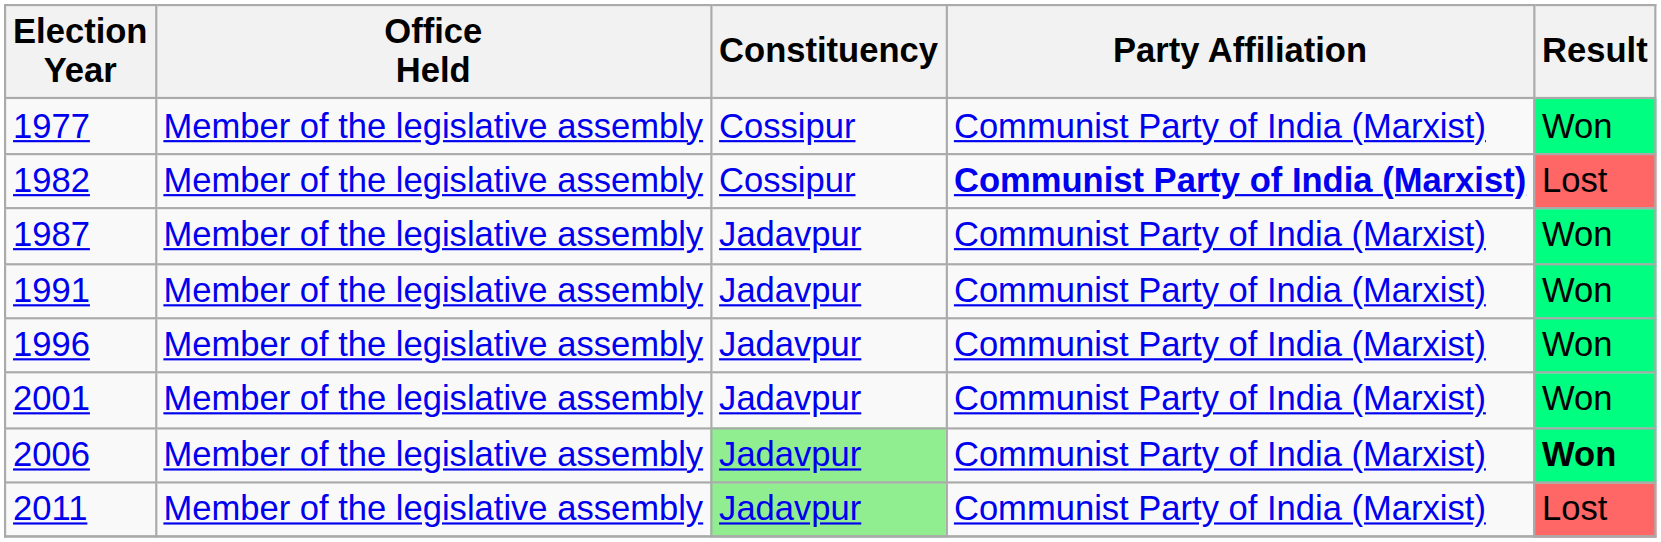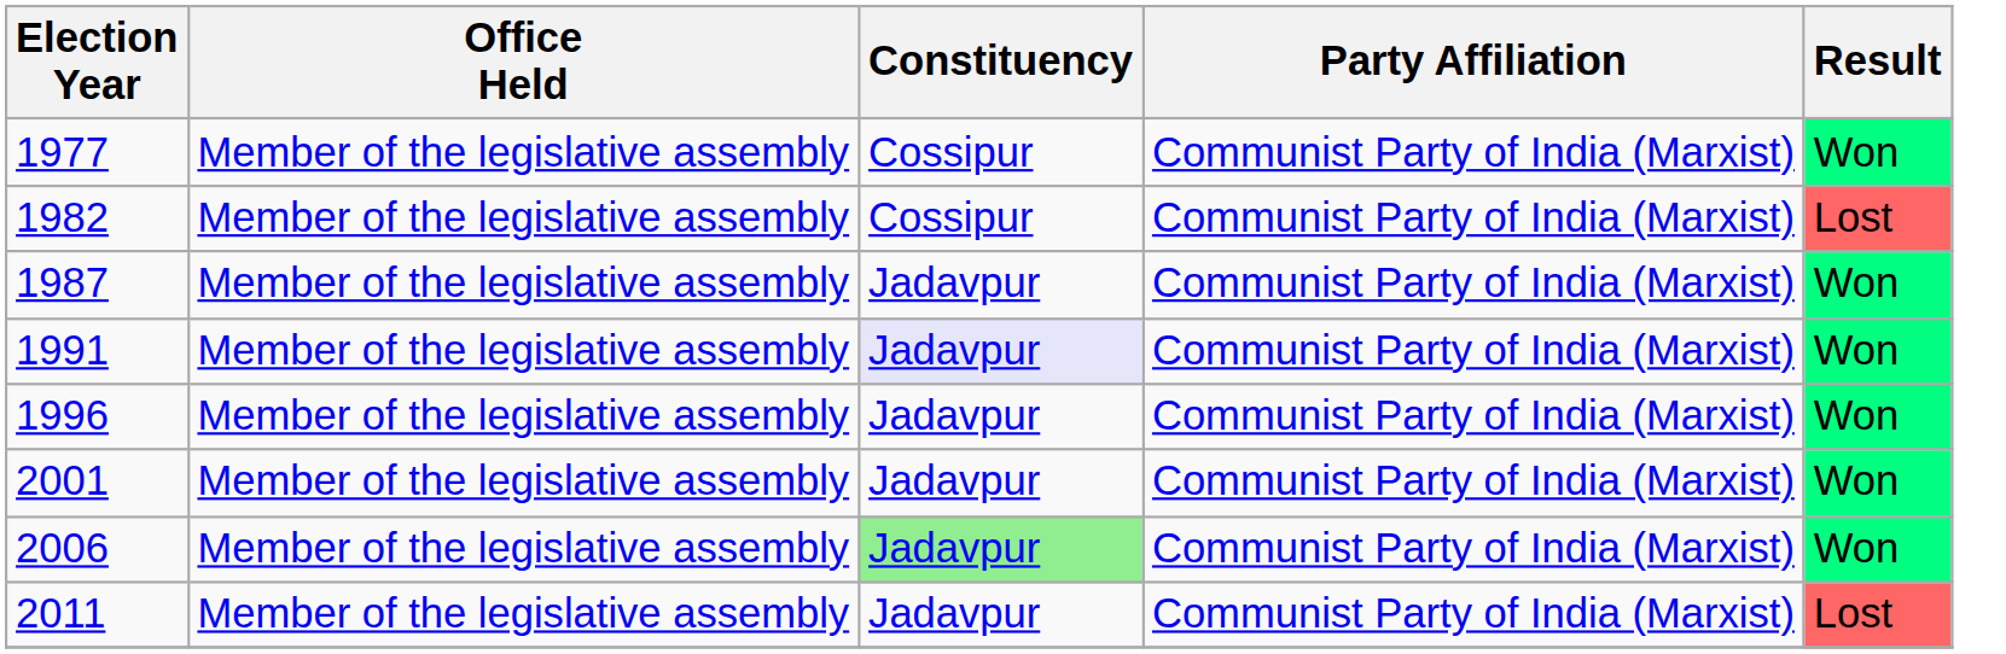 <table class="wikitable">
 <tr>
 <th>Election<br>Year</th>
 <th>Office<br>Held</th>
 <th>Constituency</th>
 <th>Party Affiliation</th>
 <th>Result</th>
 </tr>
 <tr>
 <td><a href='#'>1977</a></td>
 <td><a href='#'>Member of the legislative assembly</a></td>
 <td><a href='#'>Cossipur</a></td>
 <td><a href='#'>Communist Party of India (Marxist)</a></td>
 <td style="background:#00FF80">Won</td>
 </tr>
 <tr>
 <td><a href='#'>1982</a></td>
 <td><a href='#'>Member of the legislative assembly</a></td>
 <td><a href='#'>Cossipur</a></td>
-<td><strong><a href='#'>Communist Party of India (Marxist)</a></strong></td>
+<td><a href='#'>Communist Party of India (Marxist)</a></td>
 <td style="background:#FF6666">Lost</td>
 </tr>
 <tr>
 <td><a href='#'>1987</a></td>
 <td><a href='#'>Member of the legislative assembly</a></td>
 <td><a href='#'>Jadavpur</a></td>
 <td><a href='#'>Communist Party of India (Marxist)</a></td>
 <td style="background:#00FF80">Won</td>
 </tr>
 <tr>
 <td><a href='#'>1991</a></td>
 <td><a href='#'>Member of the legislative assembly</a></td>
-<td><a href='#'>Jadavpur</a></td>
+<td style="background: lavender;"><a href='#'>Jadavpur</a></td>
 <td><a href='#'>Communist Party of India (Marxist)</a></td>
 <td style="background:#00FF80">Won</td>
 </tr>
 <tr>
 <td><a href='#'>1996</a></td>
 <td><a href='#'>Member of the legislative assembly</a></td>
 <td><a href='#'>Jadavpur</a></td>
 <td><a href='#'>Communist Party of India (Marxist)</a></td>
 <td style="background:#00FF80">Won</td>
 </tr>
 <tr>
 <td><a href='#'>2001</a></td>
 <td><a href='#'>Member of the legislative assembly</a></td>
 <td><a href='#'> Jadavpur</a></td>
 <td><a href='#'>Communist Party of India (Marxist)</a></td>
 <td style="background:#00FF80">Won</td>
 </tr>
 <tr>
 <td><a href='#'>2006</a></td>
 <td><a href='#'>Member of the legislative assembly</a></td>
 <td style="background: lightgreen;"><a href='#'>Jadavpur</a></td>
 <td><a href='#'>Communist Party of India (Marxist)</a></td>
-<td style="background:#00FF80"><strong>Won</strong></td>
+<td style="background:#00FF80">Won</td>
 </tr>
 <tr>
 <td><a href='#'>2011</a></td>
 <td><a href='#'>Member of the legislative assembly</a></td>
-<td style="background: lightgreen;"><a href='#'>Jadavpur</a></td>
+<td><a href='#'>Jadavpur</a></td>
 <td><a href='#'>Communist Party of India (Marxist)</a></td>
 <td style="background:#FF6666">Lost</td>
 </tr>
 <tr>
 </tr>
 </table>
